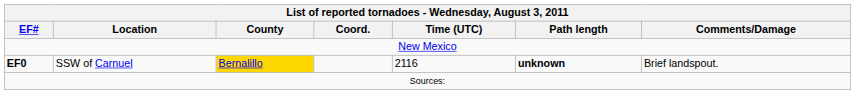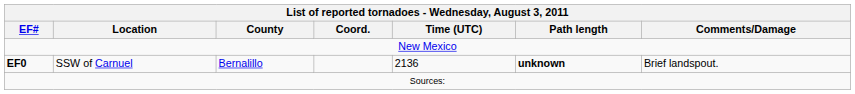 <table class="wikitable collapsible" width="100%">
 <tr>
 <th colspan="7">List of reported tornadoes - Wednesday, August 3, 2011</th>
 </tr>
 <tr>
 <th><a href='#'>EF#</a></th>
 <th>Location</th>
 <th>County</th>
 <th>Coord.</th>
 <th>Time (UTC)</th>
 <th>Path length</th>
 <th>Comments/Damage</th>
 </tr>
 <tr>
 <td colspan="7" align=center><a href='#'>New Mexico</a></td>
 </tr>
 <tr>
 <td><strong>EF0</strong></td>
 <td>SSW of <a href='#'>Carnuel</a></td>
-<td style="background: gold;"><a href='#'>Bernalillo</a></td>
+<td><a href='#'>Bernalillo</a></td>
 <td></td>
-<td>2116</td>
+<td>2136</td>
 <td><strong>unknown</strong></td>
 <td>Brief landspout.</td>
 </tr>
 <tr>
 <td colspan="7" align=center><small>Sources:  </small></td>
 </tr>
 </table>
